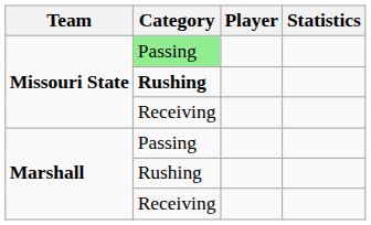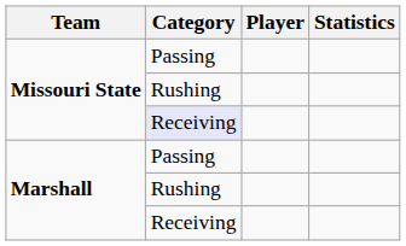 <table class="wikitable" style="float: right;">
 <tr>
 <th>Team</th>
 <th>Category</th>
 <th>Player</th>
 <th>Statistics</th>
 </tr>
 <tr>
 <td rowspan=3><strong>Missouri State</strong></td>
-<td style="background: lightgreen;">Passing</td>
+<td>Passing</td>
 <td></td>
 <td></td>
 </tr>
 <tr>
-<td><strong>Rushing</strong></td>
+<td>Rushing</td>
 <td></td>
 <td></td>
 </tr>
 <tr>
-<td>Receiving</td>
+<td style="background: lavender;">Receiving</td>
 <td></td>
 <td></td>
 </tr>
 <tr>
 <td rowspan=3><strong>Marshall</strong></td>
 <td>Passing</td>
 <td></td>
 <td></td>
 </tr>
 <tr>
 <td>Rushing</td>
 <td></td>
 <td></td>
 </tr>
 <tr>
 <td>Receiving</td>
 <td></td>
 <td></td>
 </tr>
 </table>
